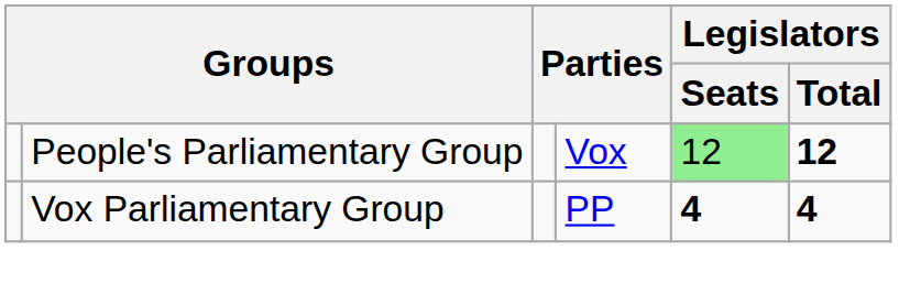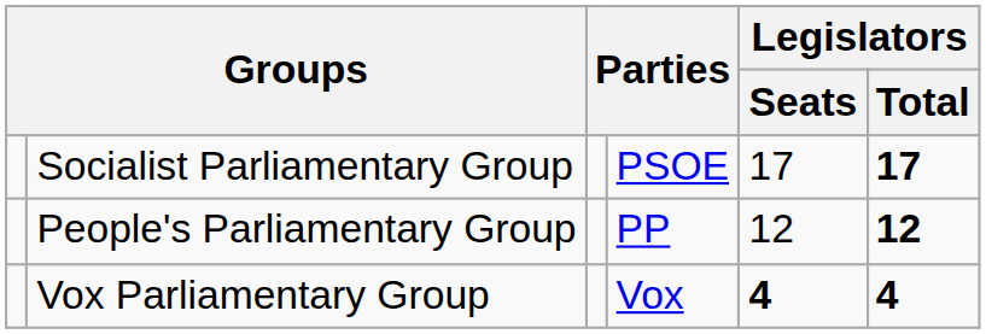 <table class="wikitable" style="text-align:left;">
 <tr>
 <th rowspan="2" colspan="2">Groups</th>
 <th rowspan="2" colspan="2">Parties</th>
 <th colspan="2">Legislators</th>
 </tr>
 <tr>
 <th>Seats</th>
 <th>Total</th>
 </tr>
 <tr>
+<td width="1" style="color:inherit;background:"></td>
+<td>Socialist Parliamentary Group</td>
+<td width="1" style="color:inherit;background:"></td>
+<td><a href='#'>PSOE</a></td>
+<td>17</td>
+<td><strong>17</strong></td>
+</tr>
+<tr>
 <td style="color:inherit;background:"></td>
 <td>People's Parliamentary Group</td>
 <td style="color:inherit;background:"></td>
-<td><a href='#'>Vox</a></td>
-<td style="background: lightgreen;">12</td>
+<td><a href='#'>PP</a></td>
+<td>12</td>
 <td><strong>12</strong></td>
 </tr>
 <tr>
 <td style="color:inherit;background:"></td>
 <td>Vox Parliamentary Group</td>
 <td style="color:inherit;background:"></td>
-<td><a href='#'>PP</a></td>
+<td><a href='#'>Vox</a></td>
 <td><strong>4</strong></td>
 <td><strong>4</strong></td>
 </tr>
 </table>
